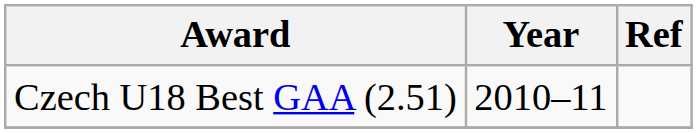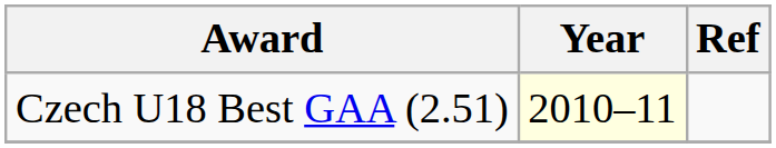 <table class="wikitable">
 <tr>
 <th>Award</th>
 <th>Year</th>
 <th>Ref</th>
 </tr>
 <tr>
 <td>Czech U18 Best <a href='#'>GAA</a> (2.51)</td>
-<td>2010–11</td>
+<td style="background: lightyellow;">2010–11</td>
 <td></td>
 </tr>
 <tr>
 </tr>
 </table>
